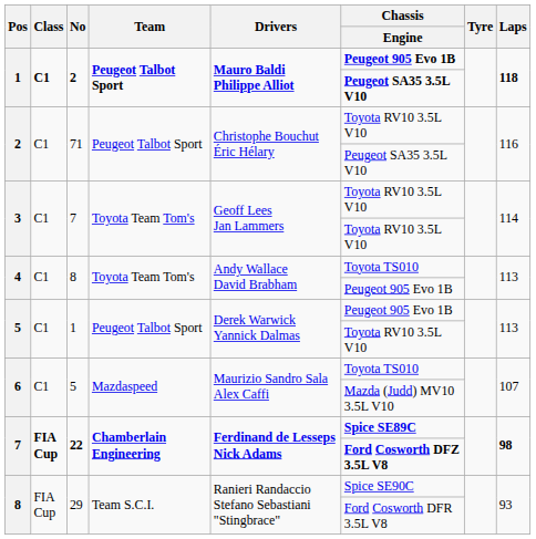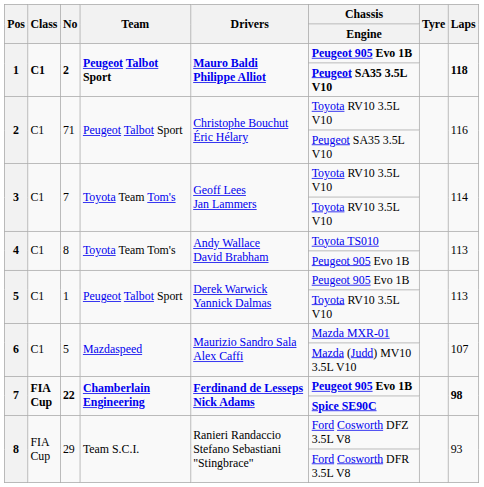 <table class="wikitable" style="font-size: 95%;">
 <tr>
 <th rowspan=2>Pos</th>
 <th rowspan=2>Class</th>
 <th rowspan=2>No</th>
 <th rowspan=2>Team</th>
 <th rowspan=2>Drivers</th>
 <th>Chassis</th>
 <th rowspan=2>Tyre</th>
 <th rowspan=2>Laps</th>
 </tr>
 <tr>
 <th>Engine</th>
 </tr>
 <tr style="font-weight:bold">
 <th rowspan=2>1</th>
 <td rowspan=2>C1</td>
 <td rowspan=2>2</td>
 <td rowspan=2> <a href='#'>Peugeot</a> <a href='#'>Talbot</a> Sport</td>
 <td rowspan=2> <a href='#'>Mauro Baldi</a><br> <a href='#'>Philippe Alliot</a></td>
 <td><a href='#'>Peugeot 905</a> Evo 1B</td>
 <td rowspan=2></td>
 <td rowspan=2>118</td>
 </tr>
 <tr style="font-weight:bold">
 <td><a href='#'>Peugeot</a> SA35 3.5L V10</td>
 </tr>
 <tr>
 <th rowspan=2>2</th>
 <td rowspan=2>C1</td>
 <td rowspan=2>71</td>
 <td rowspan=2> <a href='#'>Peugeot</a> <a href='#'>Talbot</a> Sport</td>
 <td rowspan=2> <a href='#'>Christophe Bouchut</a><br> <a href='#'>Éric Hélary</a></td>
 <td><a href='#'>Toyota</a> RV10 3.5L V10</td>
 <td rowspan=2></td>
 <td rowspan=2>116</td>
 </tr>
 <tr>
 <td><a href='#'>Peugeot</a> SA35 3.5L V10</td>
 </tr>
 <tr>
 <th rowspan=2>3</th>
 <td rowspan=2>C1</td>
 <td rowspan=2>7</td>
 <td rowspan=2> <a href='#'>Toyota</a> Team <a href='#'>Tom's</a></td>
 <td rowspan=2> <a href='#'>Geoff Lees</a><br> <a href='#'>Jan Lammers</a></td>
 <td><a href='#'>Toyota</a> RV10 3.5L V10</td>
 <td rowspan=2></td>
 <td rowspan=2>114</td>
 </tr>
 <tr>
 <td><a href='#'>Toyota</a> RV10 3.5L V10</td>
 </tr>
 <tr>
 <th rowspan=2>4</th>
 <td rowspan=2>C1</td>
 <td rowspan=2>8</td>
 <td rowspan=2> <a href='#'>Toyota</a> Team Tom's</td>
 <td rowspan=2> <a href='#'>Andy Wallace</a><br> <a href='#'>David Brabham</a></td>
 <td><a href='#'>Toyota TS010</a></td>
 <td rowspan=2></td>
 <td rowspan=2>113</td>
 </tr>
 <tr>
 <td><a href='#'>Peugeot 905</a> Evo 1B</td>
 </tr>
 <tr>
 <th rowspan=2>5</th>
 <td rowspan=2>C1</td>
 <td rowspan=2>1</td>
 <td rowspan=2> <a href='#'>Peugeot</a> <a href='#'>Talbot</a> Sport</td>
 <td rowspan=2> <a href='#'>Derek Warwick</a><br> <a href='#'>Yannick Dalmas</a></td>
 <td><a href='#'>Peugeot 905</a> Evo 1B</td>
 <td rowspan=2></td>
 <td rowspan=2>113</td>
 </tr>
 <tr>
 <td><a href='#'>Toyota</a> RV10 3.5L V10</td>
 </tr>
 <tr>
 <th rowspan=2>6</th>
 <td rowspan=2>C1</td>
 <td rowspan=2>5</td>
 <td rowspan=2> <a href='#'>Mazdaspeed</a></td>
 <td rowspan=2> <a href='#'>Maurizio Sandro Sala</a><br> <a href='#'>Alex Caffi</a></td>
-<td><a href='#'>Toyota TS010</a></td>
+<td><a href='#'>Mazda MXR-01</a></td>
 <td rowspan=2></td>
 <td rowspan=2>107</td>
 </tr>
 <tr>
 <td><a href='#'>Mazda</a> (<a href='#'>Judd</a>) MV10 3.5L V10</td>
 </tr>
 <tr style="font-weight:bold">
 <th rowspan=2>7</th>
 <td rowspan=2>FIA<br>Cup</td>
 <td rowspan=2>22</td>
 <td rowspan=2> <a href='#'>Chamberlain Engineering</a></td>
 <td rowspan=2> <a href='#'>Ferdinand de Lesseps</a><br> <a href='#'>Nick Adams</a></td>
-<td><a href='#'>Spice SE89C</a></td>
+<td><a href='#'>Peugeot 905</a> Evo 1B</td>
 <td rowspan=2></td>
 <td rowspan=2>98</td>
 </tr>
 <tr style="font-weight:bold">
-<td><a href='#'>Ford</a> <a href='#'>Cosworth</a> DFZ 3.5L V8</td>
+<td><a href='#'>Spice SE90C</a></td>
 </tr>
 <tr>
 <th rowspan=2>8</th>
 <td rowspan=2>FIA<br>Cup</td>
 <td rowspan=2>29</td>
 <td rowspan=2> Team S.C.I.</td>
 <td rowspan=2> Ranieri Randaccio<br> Stefano Sebastiani "Stingbrace"</td>
-<td><a href='#'>Spice SE90C</a></td>
+<td><a href='#'>Ford</a> <a href='#'>Cosworth</a> DFZ 3.5L V8</td>
 <td rowspan=2></td>
 <td rowspan=2>93</td>
 </tr>
 <tr>
 <td><a href='#'>Ford</a> <a href='#'>Cosworth</a> DFR 3.5L V8</td>
 </tr>
 </table>
